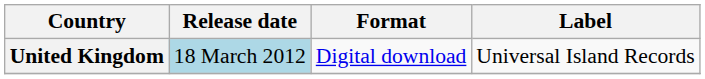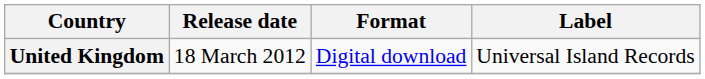 <table class="wikitable plainrowheaders">
 <tr>
 <th scope="col">Country</th>
 <th scope="col">Release date</th>
 <th scope="col">Format</th>
 <th scope="col">Label</th>
 </tr>
 <tr>
 <th scope="row">United Kingdom</th>
-<td style="background: lightblue;">18 March 2012</td>
+<td>18 March 2012</td>
 <td><a href='#'>Digital download</a></td>
 <td>Universal Island Records</td>
 </tr>
 <tr>
 </tr>
 </table>
